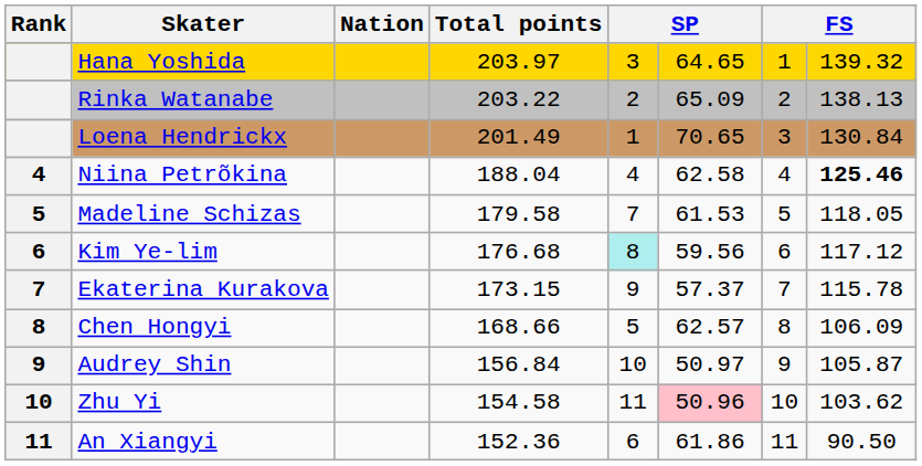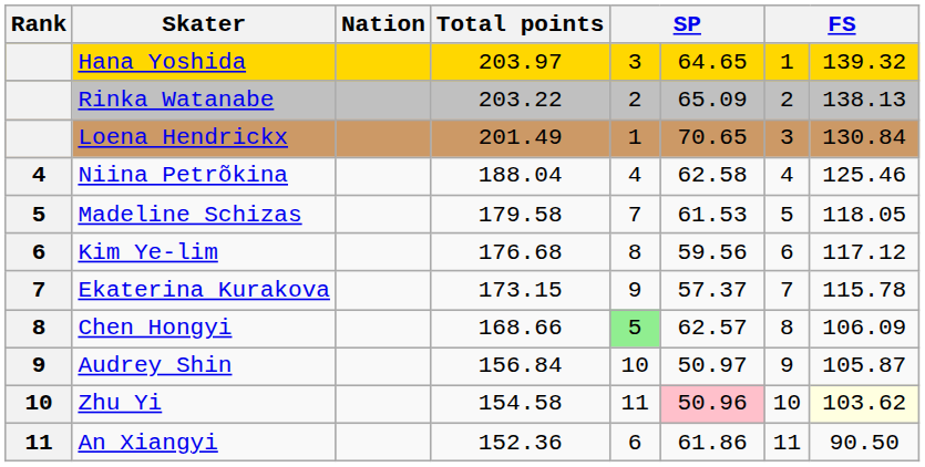 <table class="wikitable sortable" style="text-align:left">
 <tr>
 <th scope="col">Rank</th>
 <th scope="col">Skater</th>
 <th scope="col">Nation</th>
 <th scope="col">Total points</th>
 <th scope="col" colspan="2" width="80px"><a href='#'>SP</a></th>
 <th scope="col" colspan="2" width="80px"><a href='#'>FS</a></th>
 </tr>
 <tr bgcolor="gold">
 <th scope="row"></th>
 <td><a href='#'>Hana Yoshida</a></td>
 <td></td>
 <td align="center">203.97</td>
 <td align="center">3</td>
 <td align="center">64.65</td>
 <td align="center">1</td>
 <td align="center">139.32</td>
 </tr>
 <tr bgcolor="silver">
 <th scope="row"></th>
 <td><a href='#'>Rinka Watanabe</a></td>
 <td></td>
 <td align="center">203.22</td>
 <td align="center">2</td>
 <td align="center">65.09</td>
 <td align="center">2</td>
 <td align="center">138.13</td>
 </tr>
 <tr bgcolor="cc9966">
 <th scope="row"></th>
 <td><a href='#'>Loena Hendrickx</a></td>
 <td></td>
 <td align="center">201.49</td>
 <td align="center">1</td>
 <td align="center">70.65</td>
 <td align="center">3</td>
 <td align="center">130.84</td>
 </tr>
 <tr>
 <th scope="row">4</th>
 <td><a href='#'>Niina Petrõkina</a></td>
 <td></td>
 <td align="center">188.04</td>
 <td align="center">4</td>
 <td align="center">62.58</td>
 <td align="center">4</td>
-<td align="center"><strong>125.46</strong></td>
+<td align="center">125.46</td>
 </tr>
 <tr>
 <th scope="row">5</th>
 <td><a href='#'>Madeline Schizas</a></td>
 <td></td>
 <td align="center">179.58</td>
 <td align="center">7</td>
 <td align="center">61.53</td>
 <td align="center">5</td>
 <td align="center">118.05</td>
 </tr>
 <tr>
 <th scope="row">6</th>
 <td><a href='#'>Kim Ye-lim</a></td>
 <td></td>
 <td align="center">176.68</td>
-<td align="center" style="background: paleturquoise;">8</td>
+<td align="center">8</td>
 <td align="center">59.56</td>
 <td align="center">6</td>
 <td align="center">117.12</td>
 </tr>
 <tr>
 <th scope="row">7</th>
 <td><a href='#'>Ekaterina Kurakova</a></td>
 <td></td>
 <td align="center">173.15</td>
 <td align="center">9</td>
 <td align="center">57.37</td>
 <td align="center">7</td>
 <td align="center">115.78</td>
 </tr>
 <tr>
 <th scope="row">8</th>
 <td><a href='#'>Chen Hongyi</a></td>
 <td></td>
 <td align="center">168.66</td>
-<td align="center">5</td>
+<td align="center" style="background: lightgreen;">5</td>
 <td align="center">62.57</td>
 <td align="center">8</td>
 <td align="center">106.09</td>
 </tr>
 <tr>
 <th scope="row">9</th>
 <td><a href='#'>Audrey Shin</a></td>
 <td></td>
 <td align="center">156.84</td>
 <td align="center">10</td>
 <td align="center">50.97</td>
 <td align="center">9</td>
 <td align="center">105.87</td>
 </tr>
 <tr>
 <th scope="row">10</th>
 <td><a href='#'>Zhu Yi</a></td>
 <td></td>
 <td align="center">154.58</td>
 <td align="center">11</td>
 <td align="center" style="background: pink;">50.96</td>
 <td align="center">10</td>
-<td align="center">103.62</td>
+<td align="center" style="background: lightyellow;">103.62</td>
 </tr>
 <tr>
 <th scope="row">11</th>
 <td><a href='#'>An Xiangyi</a></td>
 <td></td>
 <td align="center">152.36</td>
 <td align="center">6</td>
 <td align="center">61.86</td>
 <td align="center">11</td>
 <td align="center">90.50</td>
 </tr>
 </table>
